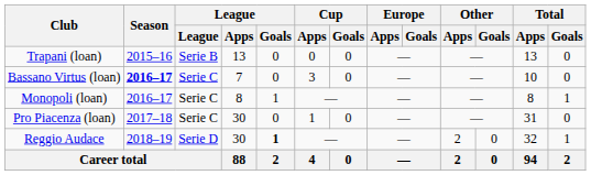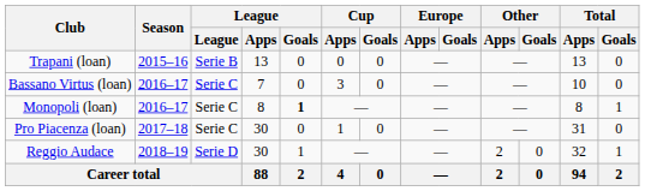 <table class="wikitable" style="text-align: center;">
 <tr>
 <th rowspan="2">Club</th>
 <th rowspan="2">Season</th>
 <th colspan="3">League</th>
 <th colspan="2">Cup</th>
 <th colspan="2">Europe</th>
 <th colspan="2">Other</th>
 <th colspan="2">Total</th>
 </tr>
 <tr>
 <th>League</th>
 <th>Apps</th>
 <th>Goals</th>
 <th>Apps</th>
 <th>Goals</th>
 <th>Apps</th>
 <th>Goals</th>
 <th>Apps</th>
 <th>Goals</th>
 <th>Apps</th>
 <th>Goals</th>
 </tr>
 <tr>
 <td><a href='#'>Trapani</a> (loan)</td>
 <td><a href='#'>2015–16</a></td>
 <td><a href='#'>Serie B</a></td>
 <td>13</td>
 <td>0</td>
 <td>0</td>
 <td>0</td>
 <td colspan="2">—</td>
 <td colspan="2">—</td>
 <td>13</td>
 <td>0</td>
 </tr>
 <tr>
 <td><a href='#'>Bassano Virtus</a> (loan)</td>
-<td><strong><a href='#'>2016–17</a></strong></td>
+<td><a href='#'>2016–17</a></td>
 <td><a href='#'>Serie C</a></td>
 <td>7</td>
 <td>0</td>
 <td>3</td>
 <td>0</td>
 <td colspan="2">—</td>
 <td colspan="2">—</td>
 <td>10</td>
 <td>0</td>
 </tr>
 <tr>
 <td><a href='#'>Monopoli</a> (loan)</td>
 <td><a href='#'>2016–17</a></td>
 <td>Serie C</td>
 <td>8</td>
-<td>1</td>
+<td><strong>1</strong></td>
 <td colspan="2">—</td>
 <td colspan="2">—</td>
 <td colspan="2">—</td>
 <td>8</td>
 <td>1</td>
 </tr>
 <tr>
 <td><a href='#'>Pro Piacenza</a> (loan)</td>
 <td><a href='#'>2017–18</a></td>
 <td>Serie C</td>
 <td>30</td>
 <td>0</td>
 <td>1</td>
 <td>0</td>
 <td colspan="2">—</td>
 <td colspan="2">—</td>
 <td>31</td>
 <td>0</td>
 </tr>
 <tr>
 <td><a href='#'>Reggio Audace</a></td>
 <td><a href='#'>2018–19</a></td>
 <td><a href='#'>Serie D</a></td>
 <td>30</td>
-<td><strong>1</strong></td>
+<td>1</td>
 <td colspan="2">—</td>
 <td colspan="2">—</td>
 <td>2</td>
 <td>0</td>
 <td>32</td>
 <td>1</td>
 </tr>
 <tr>
 <th colspan="3">Career total</th>
 <th>88</th>
 <th>2</th>
 <th>4</th>
 <th>0</th>
 <th colspan="2">—</th>
 <th>2</th>
 <th>0</th>
 <th>94</th>
 <th>2</th>
 </tr>
 </table>
